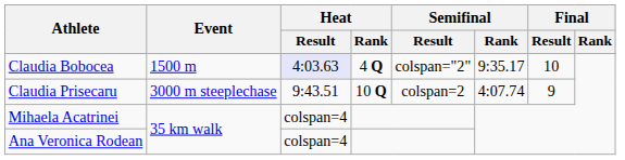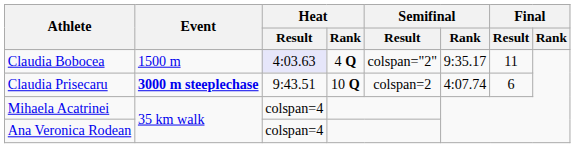 <table class="wikitable" style="font-size:90%">
 <tr>
 <th rowspan="2">Athlete</th>
 <th rowspan="2">Event</th>
 <th colspan="2">Heat</th>
 <th colspan="2">Semifinal</th>
 <th colspan="2">Final</th>
 </tr>
 <tr style="font-size:95%">
 <th>Result</th>
 <th>Rank</th>
 <th>Result</th>
 <th>Rank</th>
 <th>Result</th>
 <th>Rank</th>
 </tr>
 <tr align=center>
 <td align=left><a href='#'>Claudia Bobocea</a></td>
 <td align=left><a href='#'>1500 m</a></td>
 <td style="background: lavender;">4:03.63</td>
 <td>4 <strong>Q</strong></td>
 <td>colspan="2" </td>
 <td>9:35.17</td>
-<td>10</td>
+<td>11</td>
 </tr>
 <tr align=center>
 <td align=left><a href='#'>Claudia Prisecaru</a></td>
-<td align=left><a href='#'>3000 m steeplechase</a></td>
+<td align=left><strong><a href='#'>3000 m steeplechase</a></strong></td>
 <td>9:43.51</td>
 <td>10 <strong>Q</strong></td>
 <td>colspan=2 </td>
 <td>4:07.74</td>
-<td>9</td>
+<td>6</td>
 </tr>
 <tr align=center>
 <td align=left><a href='#'>Mihaela Acatrinei</a></td>
 <td align=left rowspan=2><a href='#'>35 km walk</a></td>
 <td>colspan=4 </td>
 <td colspan=2></td>
 </tr>
 <tr align=center>
 <td align=left><a href='#'>Ana Veronica Rodean</a></td>
 <td>colspan=4 </td>
 <td colspan=2></td>
 </tr>
 </table>
